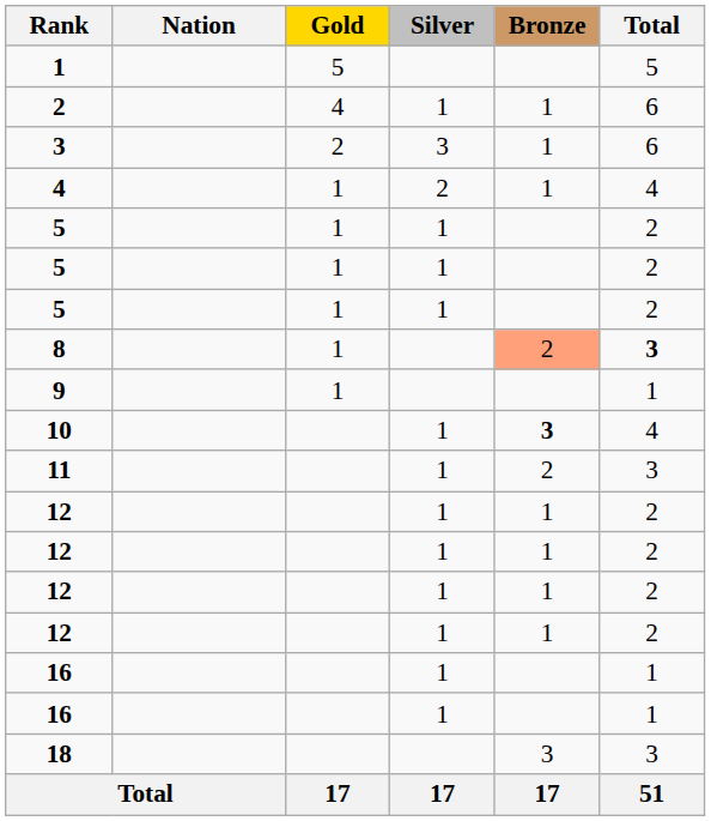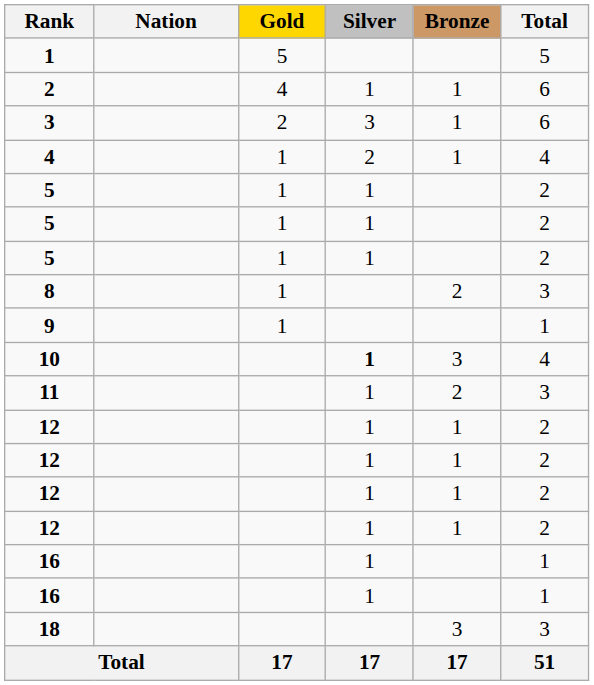 <table class="wikitable collapsible autocollapse plainrowheaders" width=70.5% style="text-align:center;">
 <tr style="background-color:#EDEDED;">
 <th width=100px class="hintergrundfarbe5">Rank</th>
 <th width=200px class="hintergrundfarbe6">Nation</th>
 <th style="background:    gold; width:15%">Gold</th>
 <th style="background:  silver; width:15%">Silver</th>
 <th style="background: #CC9966; width:15%">Bronze</th>
 <th class="hintergrundfarbe6" style="width:15%">Total</th>
 </tr>
 <tr>
 <td><strong>1</strong></td>
 <td align=left></td>
 <td>5</td>
 <td></td>
 <td></td>
 <td>5</td>
 </tr>
 <tr>
 <td><strong>2</strong></td>
 <td align=left></td>
 <td>4</td>
 <td>1</td>
 <td>1</td>
 <td>6</td>
 </tr>
 <tr>
 <td><strong>3</strong></td>
 <td align=left></td>
 <td>2</td>
 <td>3</td>
 <td>1</td>
 <td>6</td>
 </tr>
 <tr>
 <td><strong>4</strong></td>
 <td align=left></td>
 <td>1</td>
 <td>2</td>
 <td>1</td>
 <td>4</td>
 </tr>
 <tr>
 <td><strong>5</strong></td>
 <td align=left></td>
 <td>1</td>
 <td>1</td>
 <td></td>
 <td>2</td>
 </tr>
 <tr>
 <td><strong>5</strong></td>
 <td align=left></td>
 <td>1</td>
 <td>1</td>
 <td></td>
 <td>2</td>
 </tr>
 <tr>
 <td><strong>5</strong></td>
 <td align=left></td>
 <td>1</td>
 <td>1</td>
 <td></td>
 <td>2</td>
 </tr>
 <tr>
 <td><strong>8</strong></td>
 <td align=left></td>
 <td>1</td>
 <td></td>
-<td style="background: lightsalmon;">2</td>
-<td><strong>3</strong></td>
+<td>2</td>
+<td>3</td>
 </tr>
 <tr>
 <td><strong>9</strong></td>
 <td align=left></td>
 <td>1</td>
 <td></td>
 <td></td>
 <td>1</td>
 </tr>
 <tr>
 <td><strong>10</strong></td>
 <td align=left></td>
 <td></td>
-<td>1</td>
-<td><strong>3</strong></td>
+<td><strong>1</strong></td>
+<td>3</td>
 <td>4</td>
 </tr>
 <tr>
 <td><strong>11</strong></td>
 <td align=left></td>
 <td></td>
 <td>1</td>
 <td>2</td>
 <td>3</td>
 </tr>
 <tr>
 <td><strong>12</strong></td>
 <td align=left></td>
 <td></td>
 <td>1</td>
 <td>1</td>
 <td>2</td>
 </tr>
 <tr>
 <td><strong>12</strong></td>
 <td align=left></td>
 <td></td>
 <td>1</td>
 <td>1</td>
 <td>2</td>
 </tr>
 <tr>
 <td><strong>12</strong></td>
 <td align=left></td>
 <td></td>
 <td>1</td>
 <td>1</td>
 <td>2</td>
 </tr>
 <tr>
 <td><strong>12</strong></td>
 <td align=left></td>
 <td></td>
 <td>1</td>
 <td>1</td>
 <td>2</td>
 </tr>
 <tr>
 <td><strong>16</strong></td>
 <td align=left></td>
 <td></td>
 <td>1</td>
 <td></td>
 <td>1</td>
 </tr>
 <tr>
 <td><strong>16</strong></td>
 <td align=left></td>
 <td></td>
 <td>1</td>
 <td></td>
 <td>1</td>
 </tr>
 <tr>
 <td><strong>18</strong></td>
 <td align=left></td>
 <td></td>
 <td></td>
 <td>3</td>
 <td>3</td>
 </tr>
 <tr>
 <th colspan=2>Total</th>
 <th>17</th>
 <th>17</th>
 <th>17</th>
 <th>51</th>
 </tr>
 </table>
